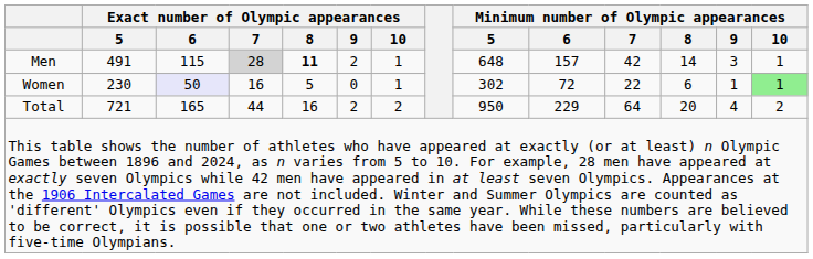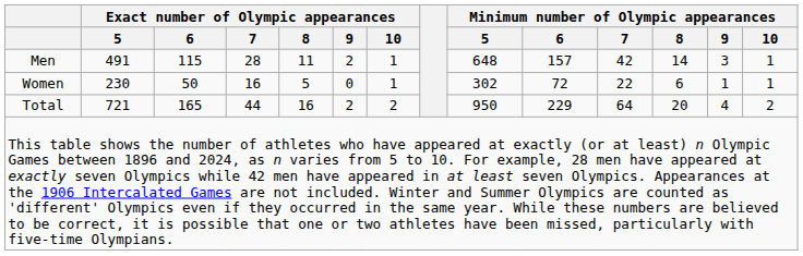 <table width="750" class="wikitable" border="1">
 <tr>
 <th></th>
 <th colspan="6">Exact number of Olympic appearances</th>
 <th rowspan=5 width="20"></th>
 <th colspan="6">Minimum number of Olympic appearances</th>
 </tr>
 <tr>
 <th></th>
 <th>5</th>
 <th>6</th>
 <th>7</th>
 <th>8</th>
 <th>9</th>
 <th>10</th>
 <th>5</th>
 <th>6</th>
 <th>7</th>
 <th>8</th>
 <th>9</th>
 <th>10</th>
 </tr>
 <tr align=center>
 <td>Men</td>
 <td>491</td>
 <td>115</td>
-<td style="background: lightgrey;">28</td>
-<td><strong>11</strong></td>
+<td>28</td>
+<td>11</td>
 <td>2</td>
 <td>1</td>
 <td>648</td>
 <td>157</td>
 <td>42</td>
 <td>14</td>
 <td>3</td>
 <td>1</td>
 </tr>
 <tr align=center>
 <td>Women</td>
 <td>230</td>
-<td style="background: lavender;">50</td>
+<td>50</td>
 <td>16</td>
 <td>5</td>
 <td>0</td>
 <td>1</td>
 <td>302</td>
 <td>72</td>
 <td>22</td>
 <td>6</td>
 <td>1</td>
-<td style="background: lightgreen;">1</td>
+<td>1</td>
 </tr>
 <tr align=center>
 <td>Total</td>
 <td>721</td>
 <td>165</td>
 <td>44</td>
 <td>16</td>
 <td>2</td>
 <td>2</td>
 <td>950</td>
 <td>229</td>
 <td>64</td>
 <td>20</td>
 <td>4</td>
 <td>2</td>
 </tr>
 <tr align=left>
 <td colspan="14"><br>This table shows the number of athletes who have appeared at exactly (or at least) <em>n</em> Olympic Games between 1896 and 2024, as <em>n</em> varies from 5 to 10. For example, 28 men have appeared at <em>exactly</em> seven Olympics while 42 men have appeared in <em>at least</em> seven Olympics. Appearances at the <a href='#'>1906 Intercalated Games</a> are not included. Winter and Summer Olympics are counted as 'different' Olympics even if they occurred in the same year. While these numbers are believed to be correct, it is possible that one or two athletes have been missed, particularly with five-time Olympians.</td>
 </tr>
 </table>
